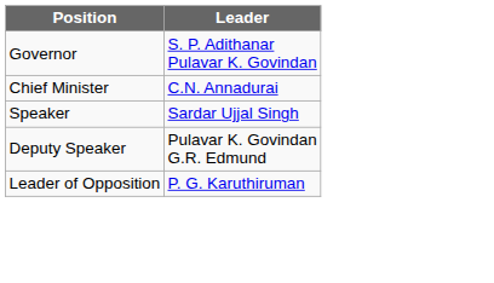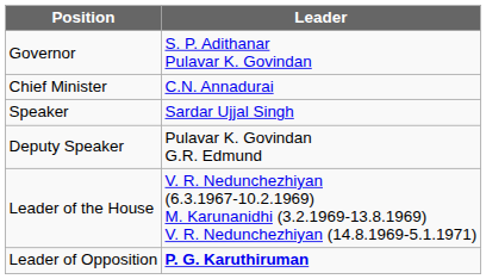 <table class="wikitable">
 <tr>
 <th style="background:#666; color:white;">Position</th>
 <th style="background:#666; color:white;">Leader</th>
 </tr>
 <tr>
 <td>Governor</td>
 <td><a href='#'>S. P. Adithanar</a> <br> <a href='#'>Pulavar K. Govindan</a></td>
 </tr>
 <tr>
 <td>Chief Minister</td>
 <td><a href='#'>C.N. Annadurai</a></td>
 </tr>
 <tr>
 <td>Speaker</td>
 <td><a href='#'>Sardar Ujjal Singh</a></td>
 </tr>
 <tr>
 <td>Deputy Speaker</td>
 <td>Pulavar K. Govindan <br> G.R. Edmund</td>
 </tr>
 <tr>
+<td>Leader of the House</td>
+<td><a href='#'>V. R. Nedunchezhiyan</a><br>(6.3.1967-10.2.1969)<br><a href='#'>M. Karunanidhi</a> (3.2.1969-13.8.1969)<br><a href='#'>V. R. Nedunchezhiyan</a> (14.8.1969-5.1.1971)</td>
+</tr>
+<tr>
 <td>Leader of Opposition</td>
-<td><a href='#'>P. G. Karuthiruman</a></td>
+<td><strong><a href='#'>P. G. Karuthiruman</a></strong></td>
 </tr>
 </table>
